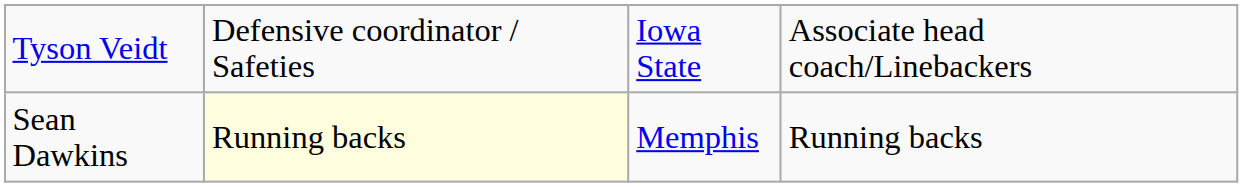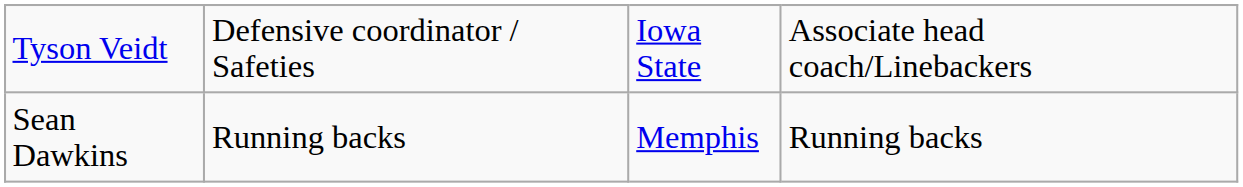 <table class="wikitable">
 <tr>
 <td><a href='#'>Tyson Veidt</a></td>
 <td>Defensive coordinator / Safeties</td>
 <td><a href='#'>Iowa State</a></td>
 <td>Associate head coach/Linebackers</td>
 </tr>
 <tr>
 <td>Sean Dawkins </td>
-<td style="background: lightyellow;">Running backs</td>
+<td>Running backs</td>
 <td><a href='#'>Memphis</a></td>
 <td>Running backs</td>
 </tr>
 </table>
